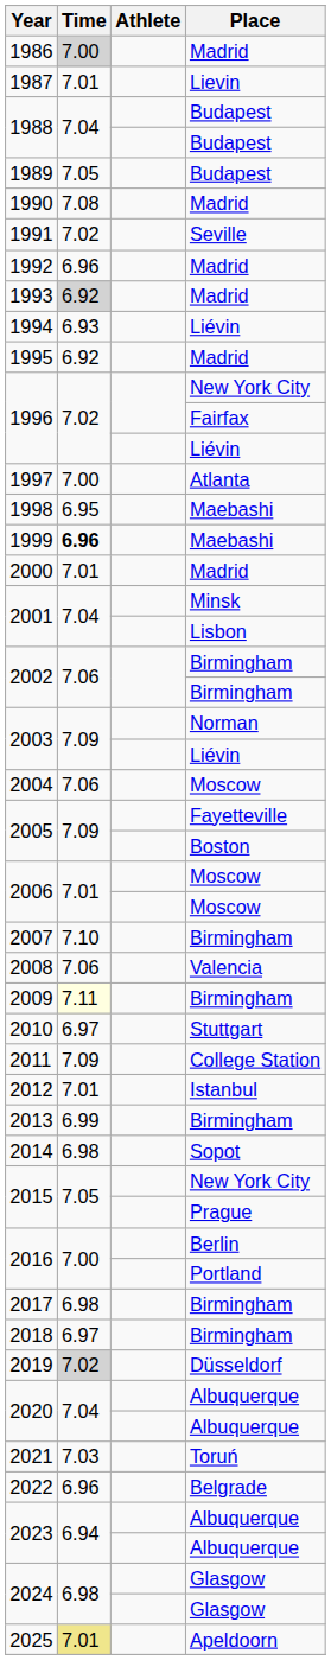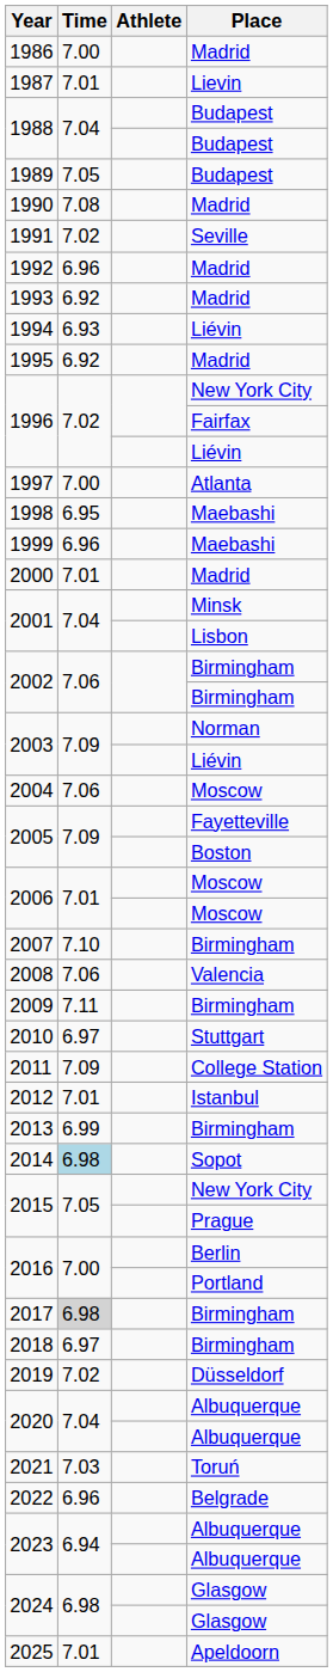 <table class="wikitable sortable" style="font-size:95%;">
 <tr>
 <th>Year</th>
 <th>Time</th>
 <th>Athlete</th>
 <th>Place</th>
 </tr>
 <tr>
 <td>1986</td>
-<td style="background: lightgrey;">7.00</td>
+<td>7.00</td>
 <td align=left></td>
 <td><a href='#'>Madrid</a></td>
 </tr>
 <tr>
 <td>1987</td>
 <td>7.01</td>
 <td align=left></td>
 <td><a href='#'>Lievin</a></td>
 </tr>
 <tr>
 <td rowspan=2>1988</td>
 <td rowspan=2>7.04</td>
 <td align=left></td>
 <td><a href='#'>Budapest</a></td>
 </tr>
 <tr>
 <td align=left></td>
 <td><a href='#'>Budapest</a></td>
 </tr>
 <tr>
 <td>1989</td>
 <td>7.05</td>
 <td align=left></td>
 <td><a href='#'>Budapest</a></td>
 </tr>
 <tr>
 <td>1990</td>
 <td>7.08</td>
 <td align=left></td>
 <td><a href='#'>Madrid</a></td>
 </tr>
 <tr>
 <td>1991</td>
 <td>7.02</td>
 <td align=left></td>
 <td><a href='#'>Seville</a></td>
 </tr>
 <tr>
 <td>1992</td>
 <td>6.96</td>
 <td align=left></td>
 <td><a href='#'>Madrid</a></td>
 </tr>
 <tr>
 <td>1993</td>
-<td style="background: lightgrey;">6.92</td>
+<td>6.92</td>
 <td align=left></td>
 <td><a href='#'>Madrid</a></td>
 </tr>
 <tr>
 <td>1994</td>
 <td>6.93</td>
 <td align=left></td>
 <td><a href='#'>Liévin</a></td>
 </tr>
 <tr>
 <td>1995</td>
 <td>6.92</td>
 <td align=left></td>
 <td><a href='#'>Madrid</a></td>
 </tr>
 <tr>
 <td rowspan=3>1996</td>
 <td rowspan=3>7.02</td>
 <td align=left rowspan=2></td>
 <td><a href='#'>New York City</a></td>
 </tr>
 <tr>
 <td><a href='#'>Fairfax</a></td>
 </tr>
 <tr>
 <td align=left></td>
 <td><a href='#'>Liévin</a></td>
 </tr>
 <tr>
 <td>1997</td>
 <td>7.00</td>
 <td align=left></td>
 <td><a href='#'>Atlanta</a></td>
 </tr>
 <tr>
 <td>1998</td>
 <td>6.95</td>
 <td align=left></td>
 <td><a href='#'>Maebashi</a></td>
 </tr>
 <tr>
 <td>1999</td>
-<td><strong>6.96</strong></td>
+<td>6.96</td>
 <td align=left></td>
 <td><a href='#'>Maebashi</a></td>
 </tr>
 <tr>
 <td>2000</td>
 <td>7.01</td>
 <td align=left></td>
 <td><a href='#'>Madrid</a></td>
 </tr>
 <tr>
 <td rowspan=2>2001</td>
 <td rowspan=2>7.04</td>
 <td align=left></td>
 <td><a href='#'>Minsk</a></td>
 </tr>
 <tr>
 <td align=left></td>
 <td><a href='#'>Lisbon</a></td>
 </tr>
 <tr>
 <td rowspan=2>2002</td>
 <td rowspan=2>7.06</td>
 <td align=left rowspan=2></td>
 <td><a href='#'>Birmingham</a></td>
 </tr>
 <tr>
 <td><a href='#'>Birmingham</a></td>
 </tr>
 <tr>
 <td rowspan=2>2003</td>
 <td rowspan=2>7.09</td>
 <td align=left></td>
 <td><a href='#'>Norman</a></td>
 </tr>
 <tr>
 <td align=left></td>
 <td><a href='#'>Liévin</a></td>
 </tr>
 <tr>
 <td>2004</td>
 <td>7.06</td>
 <td align=left></td>
 <td><a href='#'>Moscow</a></td>
 </tr>
 <tr>
 <td rowspan=2>2005</td>
 <td rowspan=2>7.09</td>
 <td align=left></td>
 <td><a href='#'>Fayetteville</a></td>
 </tr>
 <tr>
 <td align=left></td>
 <td><a href='#'>Boston</a></td>
 </tr>
 <tr>
 <td rowspan=2>2006</td>
 <td rowspan=2>7.01</td>
 <td align=left></td>
 <td><a href='#'>Moscow</a></td>
 </tr>
 <tr>
 <td align=left></td>
 <td><a href='#'>Moscow</a></td>
 </tr>
 <tr>
 <td>2007</td>
 <td>7.10</td>
 <td align=left></td>
 <td><a href='#'>Birmingham</a></td>
 </tr>
 <tr>
 <td>2008</td>
 <td>7.06</td>
 <td align=left></td>
 <td><a href='#'>Valencia</a></td>
 </tr>
 <tr>
 <td>2009</td>
-<td style="background: lightyellow;">7.11</td>
+<td>7.11</td>
 <td align=left></td>
 <td><a href='#'>Birmingham</a></td>
 </tr>
 <tr>
 <td>2010</td>
 <td>6.97</td>
 <td align=left></td>
 <td><a href='#'>Stuttgart</a></td>
 </tr>
 <tr>
 <td>2011</td>
 <td>7.09</td>
 <td align=left></td>
 <td><a href='#'>College Station</a></td>
 </tr>
 <tr>
 <td>2012</td>
 <td>7.01</td>
 <td align=left></td>
 <td><a href='#'>Istanbul</a></td>
 </tr>
 <tr>
 <td>2013</td>
 <td>6.99</td>
 <td align=left></td>
 <td><a href='#'>Birmingham</a></td>
 </tr>
 <tr>
 <td>2014</td>
-<td>6.98</td>
+<td style="background: lightblue;">6.98</td>
 <td align=left></td>
 <td><a href='#'>Sopot</a></td>
 </tr>
 <tr>
 <td rowspan=2>2015</td>
 <td rowspan=2>7.05</td>
 <td align=left></td>
 <td><a href='#'>New York City</a></td>
 </tr>
 <tr>
 <td align=left></td>
 <td><a href='#'>Prague</a></td>
 </tr>
 <tr>
 <td rowspan=2>2016</td>
 <td rowspan=2>7.00</td>
 <td align=left></td>
 <td><a href='#'>Berlin</a></td>
 </tr>
 <tr>
 <td align=left></td>
 <td><a href='#'>Portland</a></td>
 </tr>
 <tr>
 <td>2017</td>
-<td>6.98</td>
+<td style="background: lightgrey;">6.98</td>
 <td align=left></td>
 <td><a href='#'>Birmingham</a></td>
 </tr>
 <tr>
 <td>2018</td>
 <td>6.97</td>
 <td align=left></td>
 <td><a href='#'>Birmingham</a></td>
 </tr>
 <tr>
 <td>2019</td>
-<td style="background: lightgrey;">7.02</td>
+<td>7.02</td>
 <td align=left></td>
 <td><a href='#'>Düsseldorf</a></td>
 </tr>
 <tr>
 <td rowspan=2>2020</td>
 <td rowspan=2>7.04 </td>
 <td align=left></td>
 <td><a href='#'>Albuquerque</a></td>
 </tr>
 <tr>
 <td align=left></td>
 <td><a href='#'>Albuquerque</a></td>
 </tr>
 <tr>
 <td>2021</td>
 <td>7.03</td>
 <td align=left></td>
 <td><a href='#'>Toruń</a></td>
 </tr>
 <tr>
 <td>2022</td>
 <td>6.96</td>
 <td align=left></td>
 <td><a href='#'>Belgrade</a></td>
 </tr>
 <tr>
 <td rowspan=2>2023</td>
 <td rowspan=2>6.94 </td>
 <td align=left></td>
 <td><a href='#'>Albuquerque</a></td>
 </tr>
 <tr>
 <td align=left></td>
 <td><a href='#'>Albuquerque</a></td>
 </tr>
 <tr>
 <td rowspan=2>2024</td>
 <td rowspan=2>6.98</td>
 <td align=left></td>
 <td><a href='#'>Glasgow</a></td>
 </tr>
 <tr>
 <td align=left></td>
 <td><a href='#'>Glasgow</a></td>
 </tr>
 <tr>
 <td>2025</td>
-<td style="background: khaki;">7.01</td>
+<td>7.01</td>
 <td align=left></td>
 <td><a href='#'>Apeldoorn</a></td>
 </tr>
 <tr>
 </tr>
 </table>
